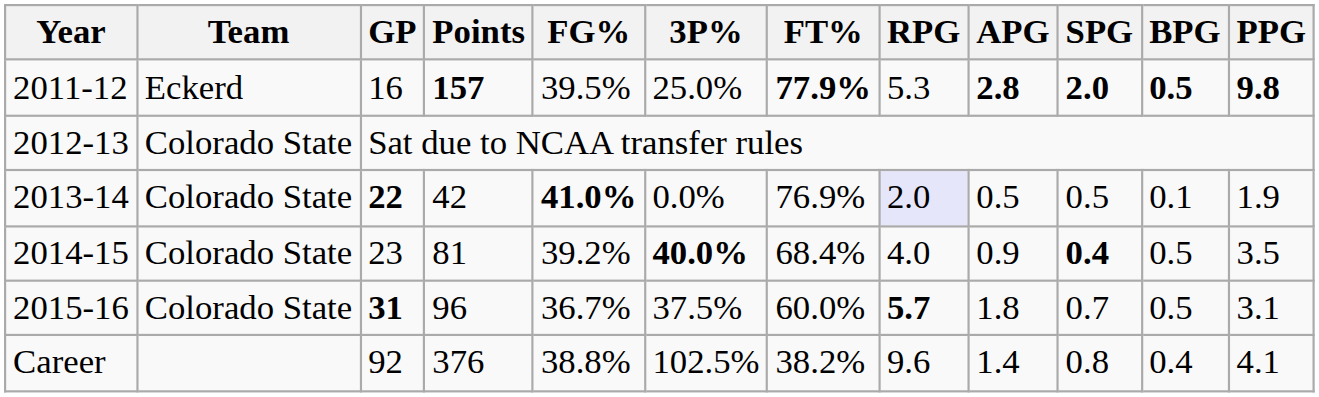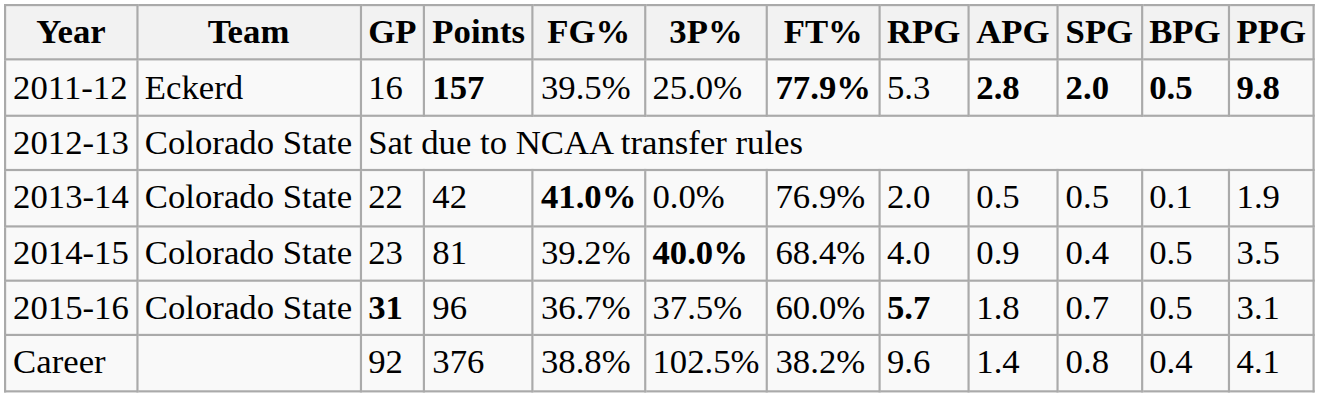 <table class="wikitable">
 <tr>
 <th>Year</th>
 <th>Team</th>
 <th>GP</th>
 <th>Points</th>
 <th>FG%</th>
 <th>3P%</th>
 <th>FT%</th>
 <th>RPG</th>
 <th>APG</th>
 <th>SPG</th>
 <th>BPG</th>
 <th>PPG</th>
 </tr>
 <tr>
 <td>2011-12</td>
 <td>Eckerd</td>
 <td>16</td>
 <td><strong>157</strong></td>
 <td>39.5%</td>
 <td>25.0%</td>
 <td><strong>77.9%</strong></td>
 <td>5.3</td>
 <td><strong>2.8</strong></td>
 <td><strong>2.0</strong></td>
 <td><strong>0.5</strong></td>
 <td><strong>9.8</strong></td>
 </tr>
 <tr>
 <td>2012-13</td>
 <td>Colorado State</td>
 <td colspan="10">Sat due to NCAA transfer rules</td>
 </tr>
 <tr>
 <td>2013-14</td>
 <td>Colorado State</td>
-<td><strong>22</strong></td>
+<td>22</td>
 <td>42</td>
 <td><strong>41.0%</strong></td>
 <td>0.0%</td>
 <td>76.9%</td>
-<td style="background: lavender;">2.0</td>
+<td>2.0</td>
 <td>0.5</td>
 <td>0.5</td>
 <td>0.1</td>
 <td>1.9</td>
 </tr>
 <tr>
 <td>2014-15</td>
 <td>Colorado State</td>
 <td>23</td>
 <td>81</td>
 <td>39.2%</td>
 <td><strong>40.0%</strong></td>
 <td>68.4%</td>
 <td>4.0</td>
 <td>0.9</td>
-<td><strong>0.4</strong></td>
+<td>0.4</td>
 <td>0.5</td>
 <td>3.5</td>
 </tr>
 <tr>
 <td>2015-16</td>
 <td>Colorado State</td>
 <td><strong>31</strong></td>
 <td>96</td>
 <td>36.7%</td>
 <td>37.5%</td>
 <td>60.0%</td>
 <td><strong>5.7</strong></td>
 <td>1.8</td>
 <td>0.7</td>
 <td>0.5</td>
 <td>3.1</td>
 </tr>
 <tr>
 <td>Career</td>
 <td></td>
 <td>92</td>
 <td>376</td>
 <td>38.8%</td>
 <td>102.5%</td>
 <td>38.2%</td>
 <td>9.6</td>
 <td>1.4</td>
 <td>0.8</td>
 <td>0.4</td>
 <td>4.1</td>
 </tr>
 </table>
